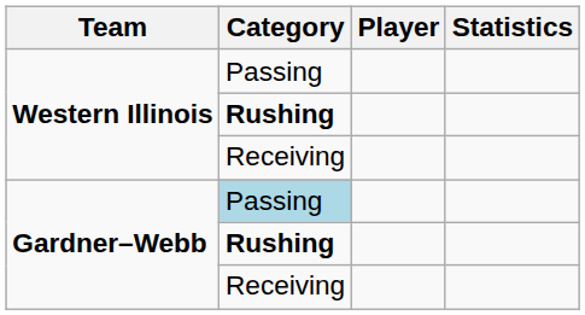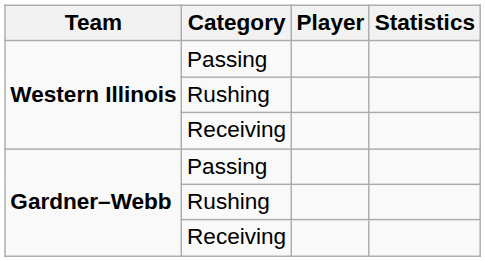 <table class="wikitable" style="float: right;">
 <tr>
 <th>Team</th>
 <th>Category</th>
 <th>Player</th>
 <th>Statistics</th>
 </tr>
 <tr>
 <td rowspan=3><strong>Western Illinois</strong></td>
 <td>Passing</td>
 <td></td>
 <td></td>
 </tr>
 <tr>
-<td><strong>Rushing</strong></td>
+<td>Rushing</td>
 <td></td>
 <td></td>
 </tr>
 <tr>
 <td>Receiving</td>
 <td></td>
 <td></td>
 </tr>
 <tr>
 <td rowspan=3><strong>Gardner–Webb</strong></td>
-<td style="background: lightblue;">Passing</td>
+<td>Passing</td>
 <td></td>
 <td></td>
 </tr>
 <tr>
-<td><strong>Rushing</strong></td>
+<td>Rushing</td>
 <td></td>
 <td></td>
 </tr>
 <tr>
 <td>Receiving</td>
 <td></td>
 <td></td>
 </tr>
 </table>
